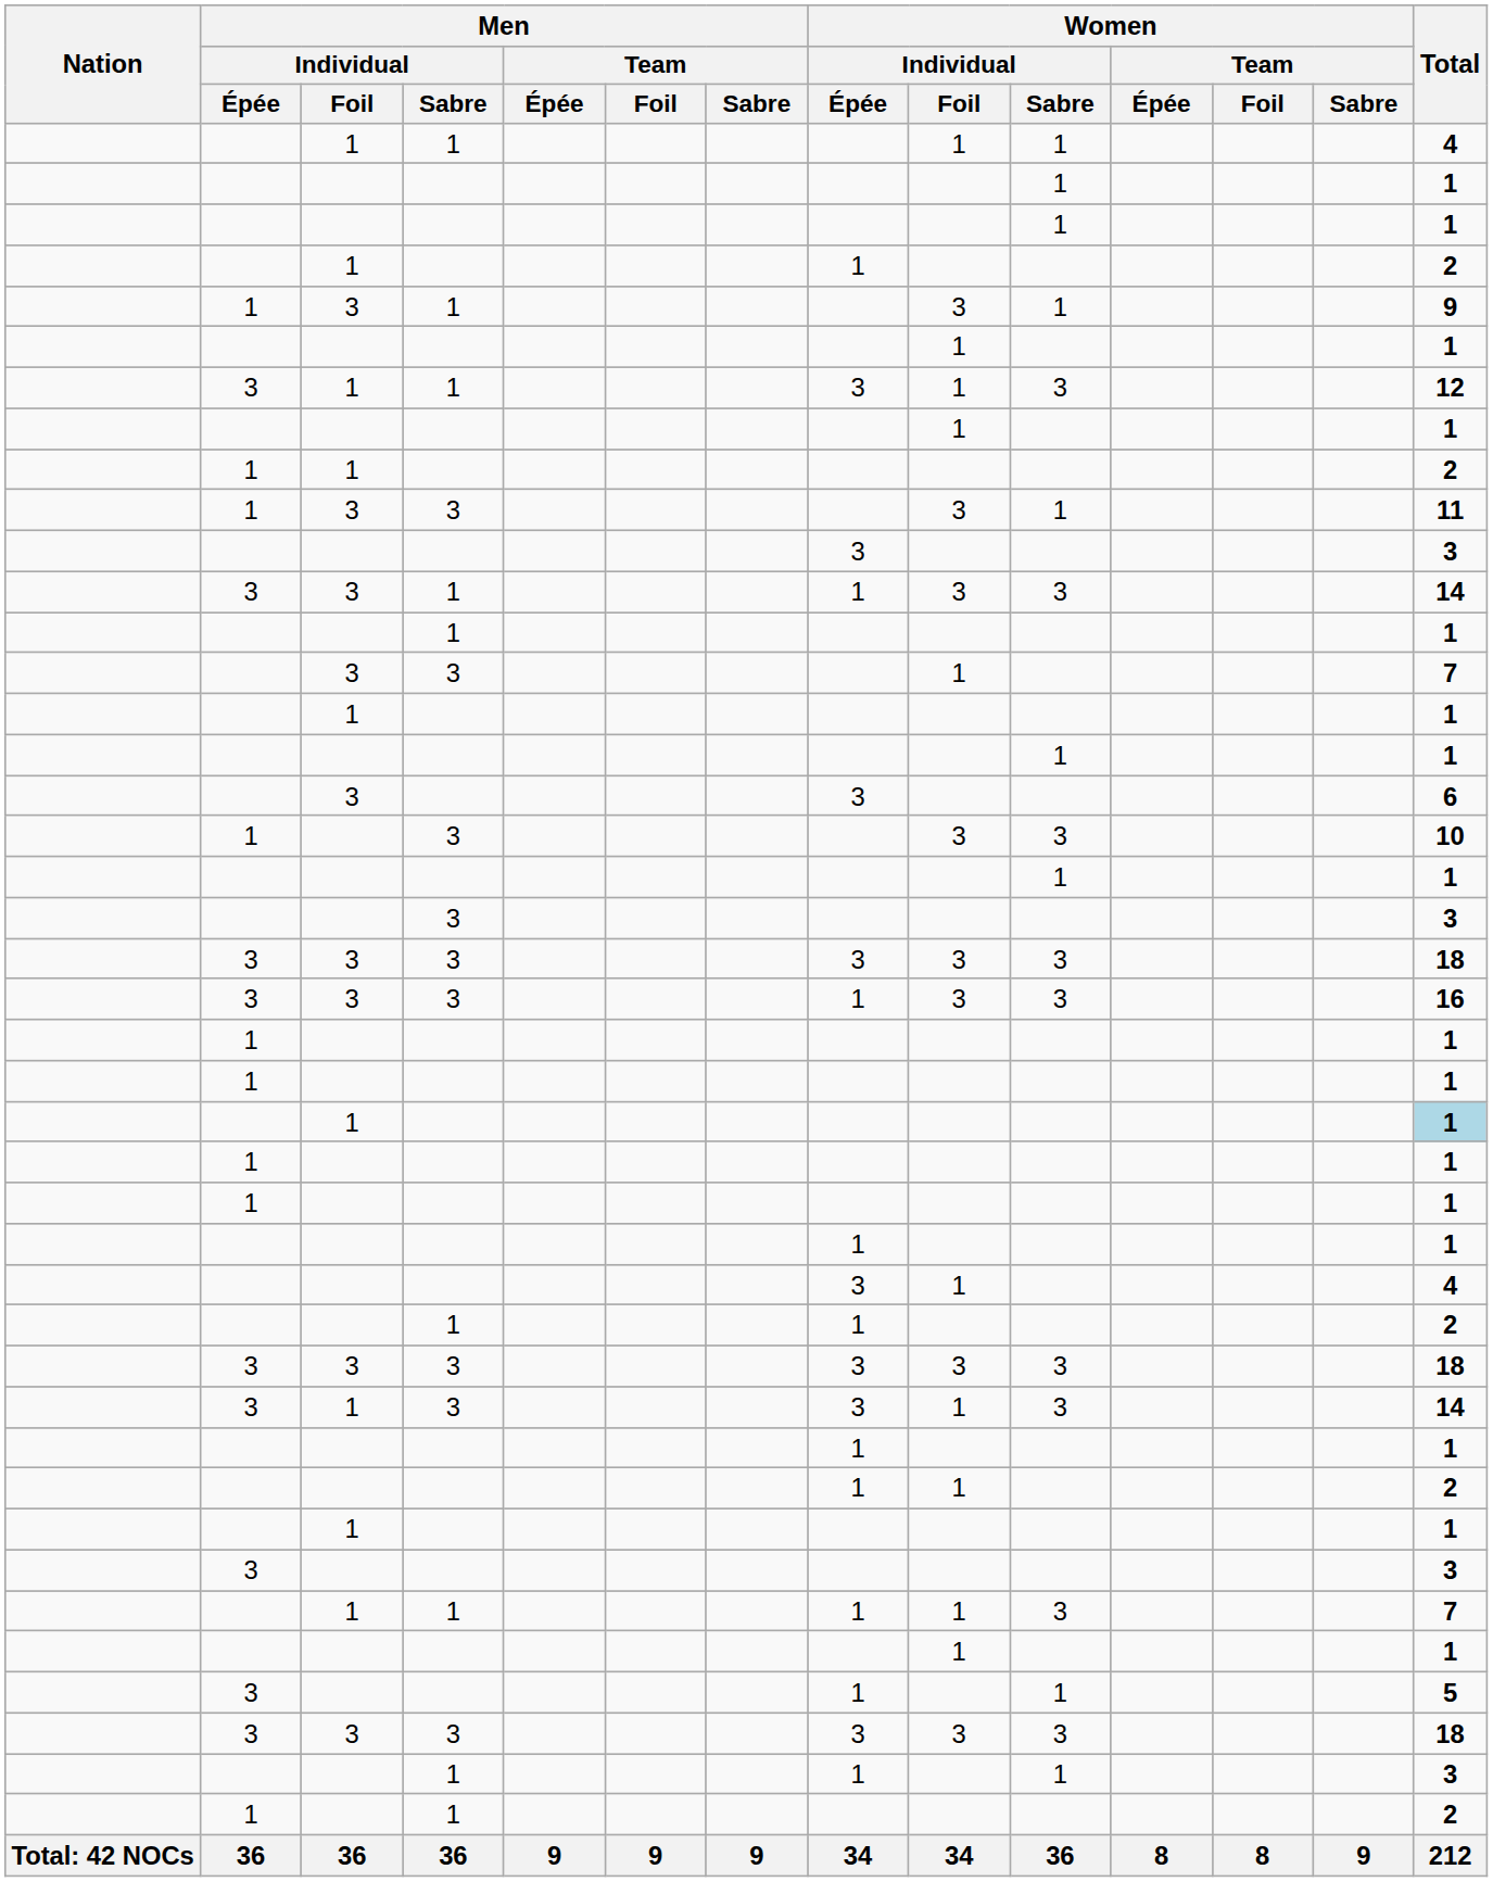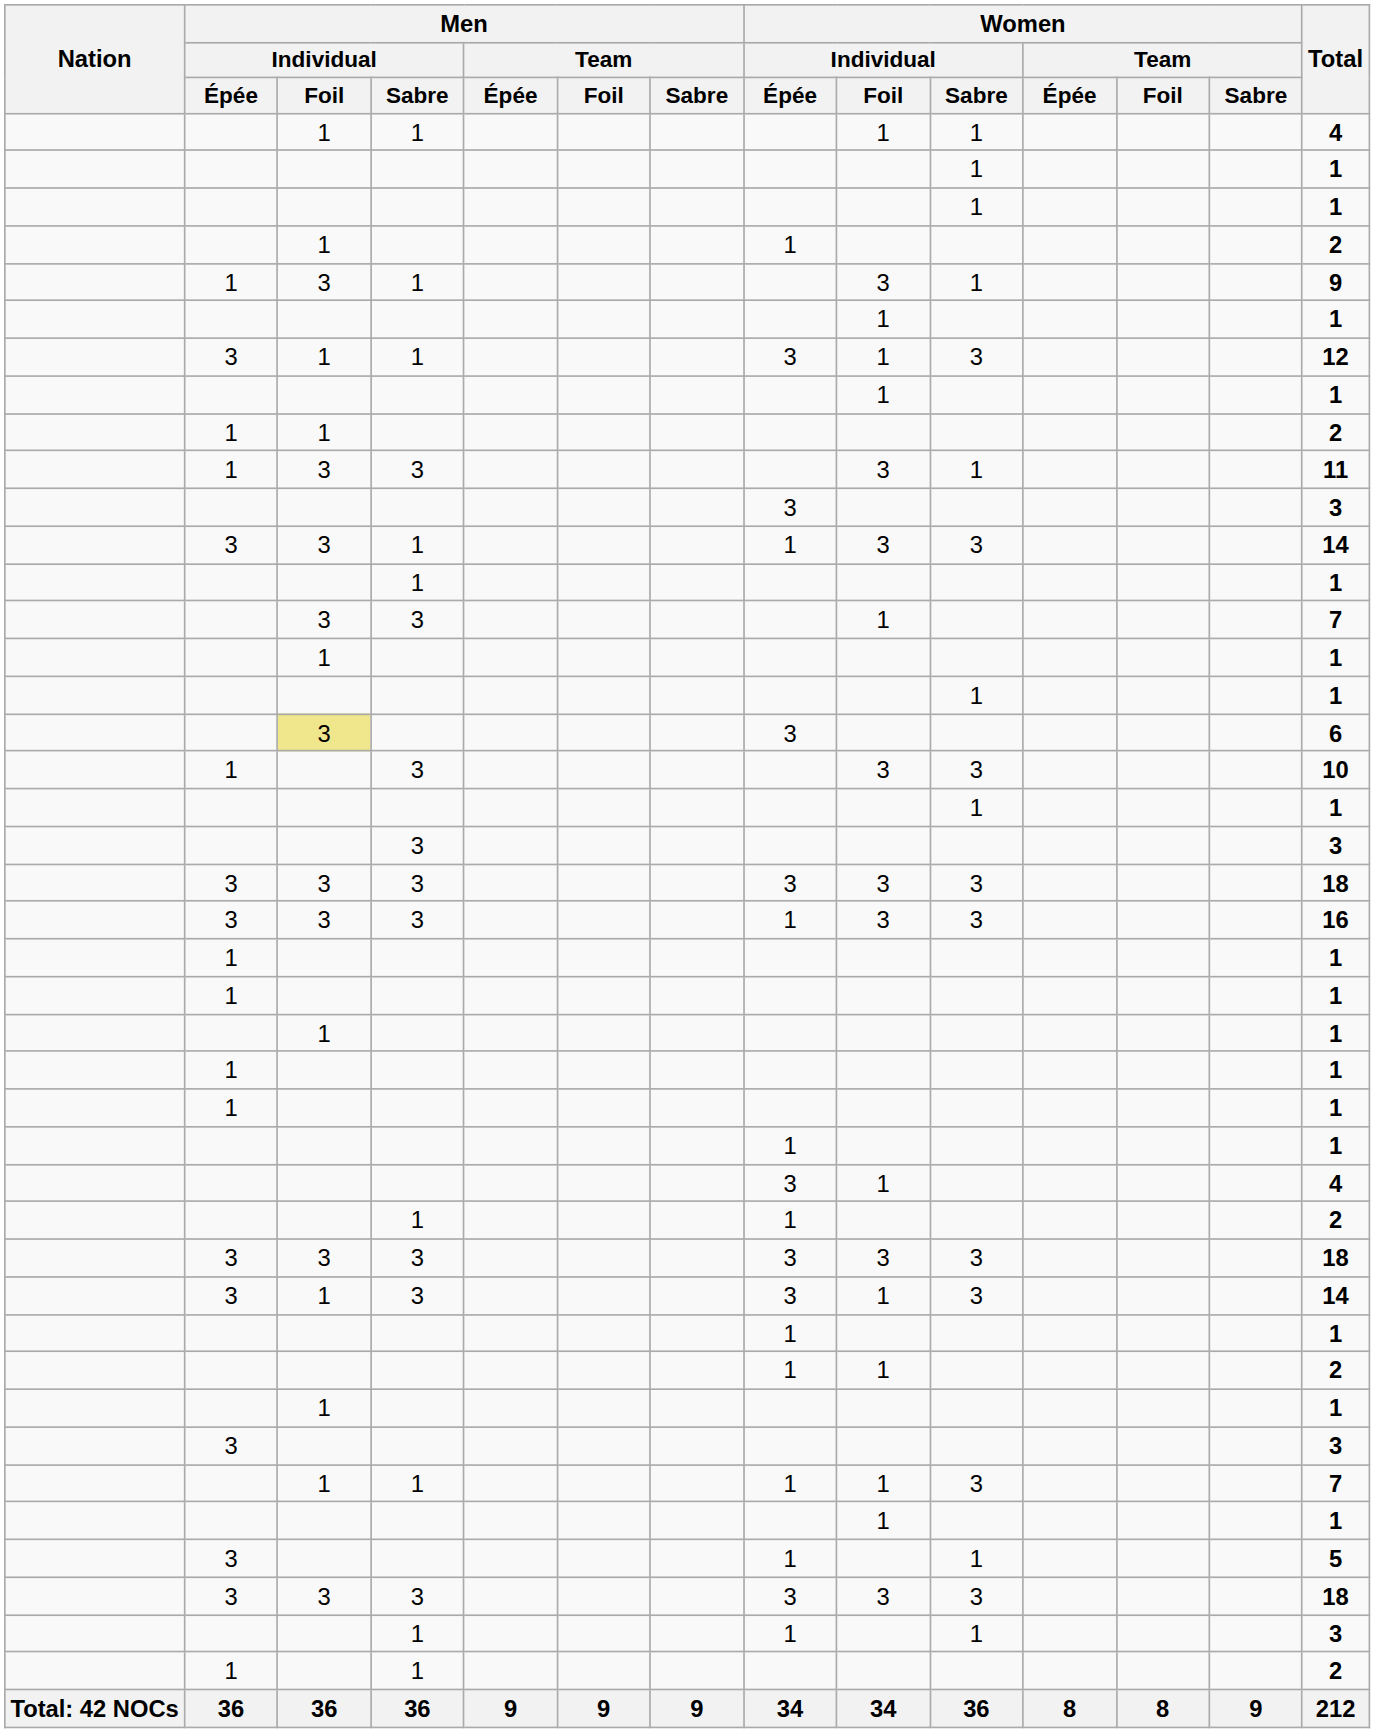 <table class="wikitable sortable"  style="text-align:center; font-size:90%;">
 <tr>
 <th rowspan="3">Nation</th>
 <th colspan="6">Men</th>
 <th colspan="6">Women</th>
 <th rowspan="3">Total</th>
 </tr>
 <tr style="font-size:95%">
 <th colspan=3>Individual</th>
 <th colspan=3>Team</th>
 <th colspan=3>Individual</th>
 <th colspan=3>Team</th>
 </tr>
 <tr style="font-size:95%">
 <th width=50>Épée</th>
 <th width=50>Foil</th>
 <th width=50>Sabre</th>
 <th width=50>Épée</th>
 <th width=50>Foil</th>
 <th width=50>Sabre</th>
 <th width=50>Épée</th>
 <th width=50>Foil</th>
 <th width=50>Sabre</th>
 <th width=50>Épée</th>
 <th width=50>Foil</th>
 <th width=50>Sabre</th>
 </tr>
 <tr>
 <td style="text-align:left;"></td>
 <td></td>
 <td>1</td>
 <td>1</td>
 <td></td>
 <td></td>
 <td></td>
 <td></td>
 <td>1</td>
 <td>1</td>
 <td></td>
 <td></td>
 <td></td>
 <td><strong>4</strong></td>
 </tr>
 <tr>
 <td style="text-align:left;"></td>
 <td></td>
 <td></td>
 <td></td>
 <td></td>
 <td></td>
 <td></td>
 <td></td>
 <td></td>
 <td>1</td>
 <td></td>
 <td></td>
 <td></td>
 <td><strong>1</strong></td>
 </tr>
 <tr>
 <td style="text-align:left;"></td>
 <td></td>
 <td></td>
 <td></td>
 <td></td>
 <td></td>
 <td></td>
 <td></td>
 <td></td>
 <td>1</td>
 <td></td>
 <td></td>
 <td></td>
 <td><strong>1</strong></td>
 </tr>
 <tr>
 <td style="text-align:left;"></td>
 <td></td>
 <td>1</td>
 <td></td>
 <td></td>
 <td></td>
 <td></td>
 <td>1</td>
 <td></td>
 <td></td>
 <td></td>
 <td></td>
 <td></td>
 <td><strong>2</strong></td>
 </tr>
 <tr>
 <td style="text-align:left;"></td>
 <td>1</td>
 <td>3</td>
 <td>1</td>
 <td></td>
 <td></td>
 <td></td>
 <td></td>
 <td>3</td>
 <td>1</td>
 <td></td>
 <td></td>
 <td></td>
 <td><strong>9</strong></td>
 </tr>
 <tr>
 <td style="text-align:left;"></td>
 <td></td>
 <td></td>
 <td></td>
 <td></td>
 <td></td>
 <td></td>
 <td></td>
 <td>1</td>
 <td></td>
 <td></td>
 <td></td>
 <td></td>
 <td><strong>1</strong></td>
 </tr>
 <tr>
 <td style="text-align:left;"></td>
 <td>3</td>
 <td>1</td>
 <td>1</td>
 <td></td>
 <td></td>
 <td></td>
 <td>3</td>
 <td>1</td>
 <td>3</td>
 <td></td>
 <td></td>
 <td></td>
 <td><strong>12</strong></td>
 </tr>
 <tr>
 <td style="text-align:left;"></td>
 <td></td>
 <td></td>
 <td></td>
 <td></td>
 <td></td>
 <td></td>
 <td></td>
 <td>1</td>
 <td></td>
 <td></td>
 <td></td>
 <td></td>
 <td><strong>1</strong></td>
 </tr>
 <tr>
 <td style="text-align:left;"></td>
 <td>1</td>
 <td>1</td>
 <td></td>
 <td></td>
 <td></td>
 <td></td>
 <td></td>
 <td></td>
 <td></td>
 <td></td>
 <td></td>
 <td></td>
 <td><strong>2</strong></td>
 </tr>
 <tr>
 <td style="text-align:left;"></td>
 <td>1</td>
 <td>3</td>
 <td>3</td>
 <td></td>
 <td></td>
 <td></td>
 <td></td>
 <td>3</td>
 <td>1</td>
 <td></td>
 <td></td>
 <td></td>
 <td><strong>11</strong></td>
 </tr>
 <tr>
 <td style="text-align:left;"></td>
 <td></td>
 <td></td>
 <td></td>
 <td></td>
 <td></td>
 <td></td>
 <td>3</td>
 <td></td>
 <td></td>
 <td></td>
 <td></td>
 <td></td>
 <td><strong>3</strong></td>
 </tr>
 <tr>
 <td style="text-align:left;"></td>
 <td>3</td>
 <td>3</td>
 <td>1</td>
 <td></td>
 <td></td>
 <td></td>
 <td>1</td>
 <td>3</td>
 <td>3</td>
 <td></td>
 <td></td>
 <td></td>
 <td><strong>14</strong></td>
 </tr>
 <tr>
 <td style="text-align:left;"></td>
 <td></td>
 <td></td>
 <td>1</td>
 <td></td>
 <td></td>
 <td></td>
 <td></td>
 <td></td>
 <td></td>
 <td></td>
 <td></td>
 <td></td>
 <td><strong>1</strong></td>
 </tr>
 <tr>
 <td style="text-align:left;"></td>
 <td></td>
 <td>3</td>
 <td>3</td>
 <td></td>
 <td></td>
 <td></td>
 <td></td>
 <td>1</td>
 <td></td>
 <td></td>
 <td></td>
 <td></td>
 <td><strong>7</strong></td>
 </tr>
 <tr>
 <td style="text-align:left;"></td>
 <td></td>
 <td>1</td>
 <td></td>
 <td></td>
 <td></td>
 <td></td>
 <td></td>
 <td></td>
 <td></td>
 <td></td>
 <td></td>
 <td></td>
 <td><strong>1</strong></td>
 </tr>
 <tr>
 <td style="text-align:left;"></td>
 <td></td>
 <td></td>
 <td></td>
 <td></td>
 <td></td>
 <td></td>
 <td></td>
 <td></td>
 <td>1</td>
 <td></td>
 <td></td>
 <td></td>
 <td><strong>1</strong></td>
 </tr>
 <tr>
 <td style="text-align:left;"></td>
 <td></td>
-<td>3</td>
+<td style="background: khaki;">3</td>
 <td></td>
 <td></td>
 <td></td>
 <td></td>
 <td>3</td>
 <td></td>
 <td></td>
 <td></td>
 <td></td>
 <td></td>
 <td><strong>6</strong></td>
 </tr>
 <tr>
 <td style="text-align:left;"></td>
 <td>1</td>
 <td></td>
 <td>3</td>
 <td></td>
 <td></td>
 <td></td>
 <td></td>
 <td>3</td>
 <td>3</td>
 <td></td>
 <td></td>
 <td></td>
 <td><strong>10</strong></td>
 </tr>
 <tr>
 <td style="text-align:left;"></td>
 <td></td>
 <td></td>
 <td></td>
 <td></td>
 <td></td>
 <td></td>
 <td></td>
 <td></td>
 <td>1</td>
 <td></td>
 <td></td>
 <td></td>
 <td><strong>1</strong></td>
 </tr>
 <tr>
 <td style="text-align:left;"></td>
 <td></td>
 <td></td>
 <td>3</td>
 <td></td>
 <td></td>
 <td></td>
 <td></td>
 <td></td>
 <td></td>
 <td></td>
 <td></td>
 <td></td>
 <td><strong>3</strong></td>
 </tr>
 <tr>
 <td style="text-align:left;"></td>
 <td>3</td>
 <td>3</td>
 <td>3</td>
 <td></td>
 <td></td>
 <td></td>
 <td>3</td>
 <td>3</td>
 <td>3</td>
 <td></td>
 <td></td>
 <td></td>
 <td><strong>18</strong></td>
 </tr>
 <tr>
 <td style="text-align:left;"></td>
 <td>3</td>
 <td>3</td>
 <td>3</td>
 <td></td>
 <td></td>
 <td></td>
 <td>1</td>
 <td>3</td>
 <td>3</td>
 <td></td>
 <td></td>
 <td></td>
 <td><strong>16</strong></td>
 </tr>
 <tr>
 <td style="text-align:left;"></td>
 <td>1</td>
 <td></td>
 <td></td>
 <td></td>
 <td></td>
 <td></td>
 <td></td>
 <td></td>
 <td></td>
 <td></td>
 <td></td>
 <td></td>
 <td><strong>1</strong></td>
 </tr>
 <tr>
 <td style="text-align:left;"></td>
 <td>1</td>
 <td></td>
 <td></td>
 <td></td>
 <td></td>
 <td></td>
 <td></td>
 <td></td>
 <td></td>
 <td></td>
 <td></td>
 <td></td>
 <td><strong>1</strong></td>
 </tr>
 <tr>
 <td style="text-align:left;"></td>
 <td></td>
 <td>1</td>
 <td></td>
 <td></td>
 <td></td>
 <td></td>
 <td></td>
 <td></td>
 <td></td>
 <td></td>
 <td></td>
 <td></td>
-<td style="background: lightblue;"><strong>1</strong></td>
+<td><strong>1</strong></td>
 </tr>
 <tr>
 <td style="text-align:left;"></td>
 <td>1</td>
 <td></td>
 <td></td>
 <td></td>
 <td></td>
 <td></td>
 <td></td>
 <td></td>
 <td></td>
 <td></td>
 <td></td>
 <td></td>
 <td><strong>1</strong></td>
 </tr>
 <tr>
 <td style="text-align:left;"></td>
 <td>1</td>
 <td></td>
 <td></td>
 <td></td>
 <td></td>
 <td></td>
 <td></td>
 <td></td>
 <td></td>
 <td></td>
 <td></td>
 <td></td>
 <td><strong>1</strong></td>
 </tr>
 <tr>
 <td style="text-align:left;"></td>
 <td></td>
 <td></td>
 <td></td>
 <td></td>
 <td></td>
 <td></td>
 <td>1</td>
 <td></td>
 <td></td>
 <td></td>
 <td></td>
 <td></td>
 <td><strong>1</strong></td>
 </tr>
 <tr>
 <td style="text-align:left;"></td>
 <td></td>
 <td></td>
 <td></td>
 <td></td>
 <td></td>
 <td></td>
 <td>3</td>
 <td>1</td>
 <td></td>
 <td></td>
 <td></td>
 <td></td>
 <td><strong>4</strong></td>
 </tr>
 <tr>
 <td style="text-align:left;"></td>
 <td></td>
 <td></td>
 <td>1</td>
 <td></td>
 <td></td>
 <td></td>
 <td>1</td>
 <td></td>
 <td></td>
 <td></td>
 <td></td>
 <td></td>
 <td><strong>2</strong></td>
 </tr>
 <tr>
 <td style="text-align:left;"></td>
 <td>3</td>
 <td>3</td>
 <td>3</td>
 <td></td>
 <td></td>
 <td></td>
 <td>3</td>
 <td>3</td>
 <td>3</td>
 <td></td>
 <td></td>
 <td></td>
 <td><strong>18</strong></td>
 </tr>
 <tr>
 <td style="text-align:left;"></td>
 <td>3</td>
 <td>1</td>
 <td>3</td>
 <td></td>
 <td></td>
 <td></td>
 <td>3</td>
 <td>1</td>
 <td>3</td>
 <td></td>
 <td></td>
 <td></td>
 <td><strong>14</strong></td>
 </tr>
 <tr>
 <td style="text-align:left;"></td>
 <td></td>
 <td></td>
 <td></td>
 <td></td>
 <td></td>
 <td></td>
 <td>1</td>
 <td></td>
 <td></td>
 <td></td>
 <td></td>
 <td></td>
 <td><strong>1</strong></td>
 </tr>
 <tr>
 <td style="text-align:left;"></td>
 <td></td>
 <td></td>
 <td></td>
 <td></td>
 <td></td>
 <td></td>
 <td>1</td>
 <td>1</td>
 <td></td>
 <td></td>
 <td></td>
 <td></td>
 <td><strong>2</strong></td>
 </tr>
 <tr>
 <td style="text-align:left;"></td>
 <td></td>
 <td>1</td>
 <td></td>
 <td></td>
 <td></td>
 <td></td>
 <td></td>
 <td></td>
 <td></td>
 <td></td>
 <td></td>
 <td></td>
 <td><strong>1</strong></td>
 </tr>
 <tr>
 <td style="text-align:left;"></td>
 <td>3</td>
 <td></td>
 <td></td>
 <td></td>
 <td></td>
 <td></td>
 <td></td>
 <td></td>
 <td></td>
 <td></td>
 <td></td>
 <td></td>
 <td><strong>3</strong></td>
 </tr>
 <tr>
 <td style="text-align:left;"></td>
 <td></td>
 <td>1</td>
 <td>1</td>
 <td></td>
 <td></td>
 <td></td>
 <td>1</td>
 <td>1</td>
 <td>3</td>
 <td></td>
 <td></td>
 <td></td>
 <td><strong>7</strong></td>
 </tr>
 <tr>
 <td style="text-align:left;"></td>
 <td></td>
 <td></td>
 <td></td>
 <td></td>
 <td></td>
 <td></td>
 <td></td>
 <td>1</td>
 <td></td>
 <td></td>
 <td></td>
 <td></td>
 <td><strong>1</strong></td>
 </tr>
 <tr>
 <td style="text-align:left;"></td>
 <td>3</td>
 <td></td>
 <td></td>
 <td></td>
 <td></td>
 <td></td>
 <td>1</td>
 <td></td>
 <td>1</td>
 <td></td>
 <td></td>
 <td></td>
 <td><strong>5</strong></td>
 </tr>
 <tr>
 <td style="text-align:left;"></td>
 <td>3</td>
 <td>3</td>
 <td>3</td>
 <td></td>
 <td></td>
 <td></td>
 <td>3</td>
 <td>3</td>
 <td>3</td>
 <td></td>
 <td></td>
 <td></td>
 <td><strong>18</strong></td>
 </tr>
 <tr>
 <td style="text-align:left;"></td>
 <td></td>
 <td></td>
 <td>1</td>
 <td></td>
 <td></td>
 <td></td>
 <td>1</td>
 <td></td>
 <td>1</td>
 <td></td>
 <td></td>
 <td></td>
 <td><strong>3</strong></td>
 </tr>
 <tr>
 <td style="text-align:left;"></td>
 <td>1</td>
 <td></td>
 <td>1</td>
 <td></td>
 <td></td>
 <td></td>
 <td></td>
 <td></td>
 <td></td>
 <td></td>
 <td></td>
 <td></td>
 <td><strong>2</strong></td>
 </tr>
 <tr>
 <th>Total: 42 NOCs</th>
 <th>36</th>
 <th>36</th>
 <th>36</th>
 <th>9</th>
 <th>9</th>
 <th>9</th>
 <th>34</th>
 <th>34</th>
 <th>36</th>
 <th>8</th>
 <th>8</th>
 <th>9</th>
 <th><strong>212</strong></th>
 </tr>
 </table>
